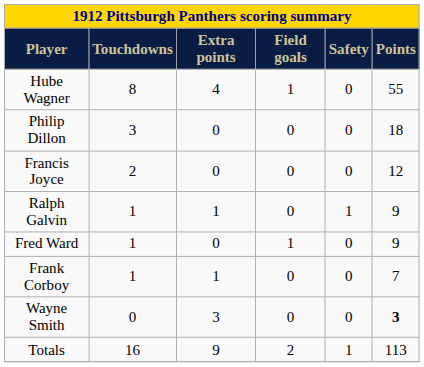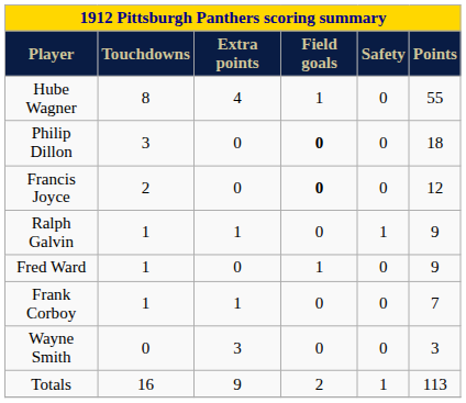 <table class="wikitable" width="35%">
 <tr>
 <th colspan="10" style="background:gold; color:darkblue; text-align: center;"><strong>1912 Pittsburgh Panthers scoring summary</strong></th>
 </tr>
 <tr align="center" style="background:#091C44;color:#CEC499;">
 <td><strong>Player</strong></td>
 <td><strong>Touchdowns</strong></td>
 <td><strong>Extra points</strong></td>
 <td><strong>Field goals</strong></td>
 <td><strong>Safety</strong></td>
 <td><strong>Points</strong></td>
 </tr>
 <tr align="center" bgcolor="">
 <td>Hube Wagner</td>
 <td>8</td>
 <td>4</td>
 <td>1</td>
 <td>0</td>
 <td>55</td>
 </tr>
 <tr align="center" bgcolor="">
 <td>Philip Dillon</td>
 <td>3</td>
 <td>0</td>
-<td>0</td>
+<td><strong>0</strong></td>
 <td>0</td>
 <td>18</td>
 </tr>
 <tr align="center" bgcolor="">
 <td>Francis Joyce</td>
 <td>2</td>
 <td>0</td>
-<td>0</td>
+<td><strong>0</strong></td>
 <td>0</td>
 <td>12</td>
 </tr>
 <tr align="center" bgcolor="">
 <td>Ralph Galvin</td>
 <td>1</td>
 <td>1</td>
 <td>0</td>
 <td>1</td>
 <td>9</td>
 </tr>
 <tr align="center" bgcolor="">
 <td>Fred Ward</td>
 <td>1</td>
 <td>0</td>
 <td>1</td>
 <td>0</td>
 <td>9</td>
 </tr>
 <tr align="center" bgcolor="">
 <td>Frank Corboy</td>
 <td>1</td>
 <td>1</td>
 <td>0</td>
 <td>0</td>
 <td>7</td>
 </tr>
 <tr align="center" bgcolor="">
 <td>Wayne Smith</td>
 <td>0</td>
 <td>3</td>
 <td>0</td>
 <td>0</td>
-<td><strong>3</strong></td>
+<td>3</td>
 </tr>
 <tr align="center" bgcolor="">
 <td>Totals</td>
 <td>16</td>
 <td>9</td>
 <td>2</td>
 <td>1</td>
 <td>113</td>
 </tr>
 <tr align="center" bgcolor="">
 </tr>
 </table>
